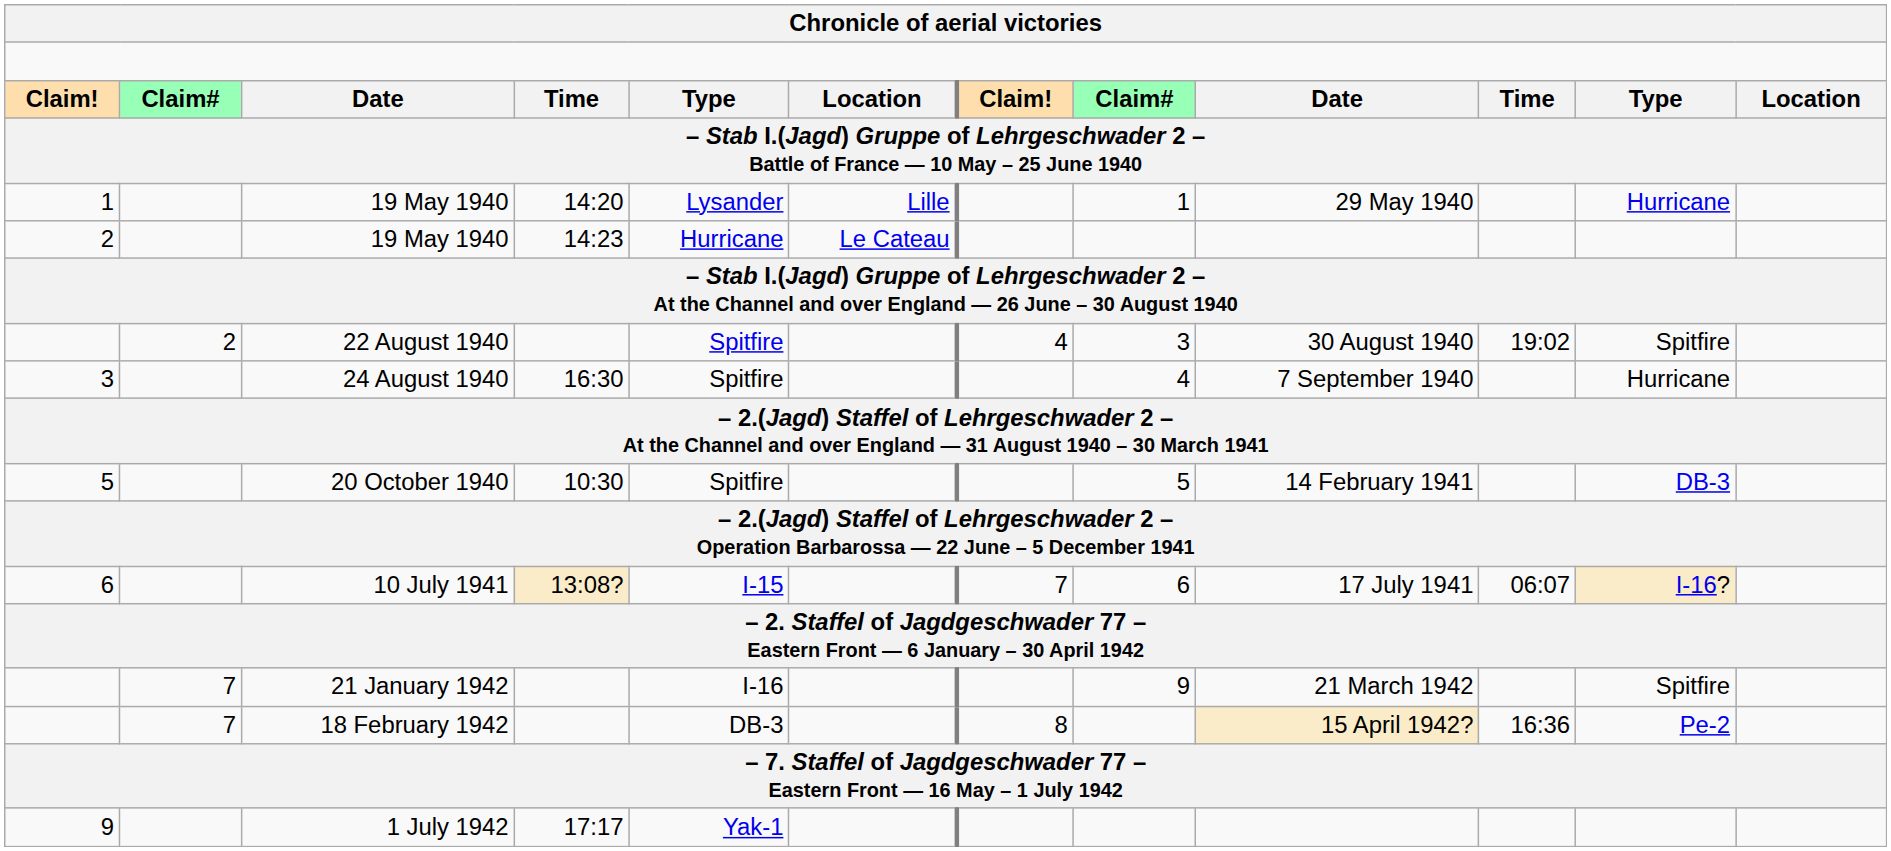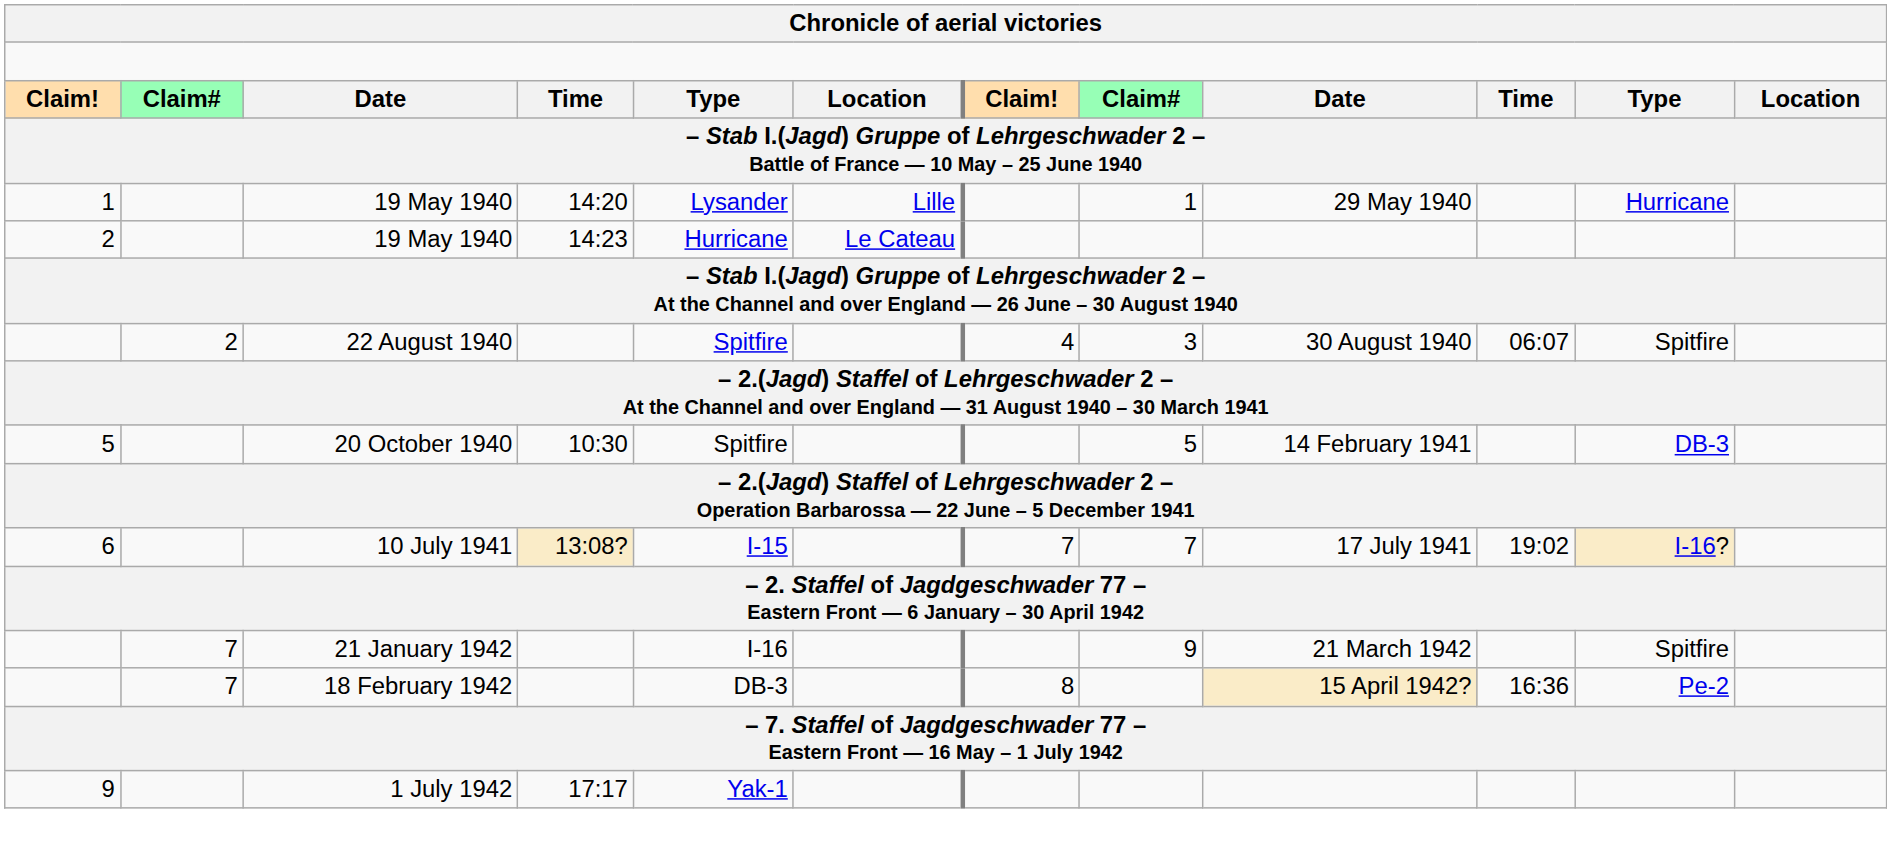 <table class="wikitable plainrowheaders collapsible" style="margin-left: auto; margin-right: auto; border: none; text-align:right; width: 100%;">
 <tr>
 <th colspan="12">Chronicle of aerial victories</th>
 </tr>
 <tr>
 <td colspan="12" style="text-align: left;"><br>  </td>
 </tr>
 <tr>
 <th scope="col" style="background:#ffdead">Claim!</th>
 <th scope="col" style="background:#97ffb6">Claim#</th>
 <th scope="col">Date</th>
 <th scope="col">Time</th>
 <th scope="col" width="100px">Type</th>
 <th scope="col">Location</th>
 <th scope="col" style="border-left: 3px solid grey; background:#ffdead">Claim!</th>
 <th scope="col" style="background:#97ffb6">Claim#</th>
 <th scope="col">Date</th>
 <th scope="col">Time</th>
 <th scope="col" width="100px">Type</th>
 <th scope="col">Location</th>
 </tr>
 <tr>
 <th colspan="12">– <em>Stab</em> I.(<em>Jagd</em>) <em>Gruppe</em>  of <em>Lehrgeschwader</em> 2 –<br><small>Battle of France — 10 May – 25 June 1940</small></th>
 </tr>
 <tr>
 <td>1</td>
 <td></td>
 <td>19 May 1940</td>
 <td>14:20</td>
 <td><a href='#'>Lysander</a></td>
 <td><a href='#'>Lille</a></td>
 <td style="border-left: 3px solid grey;"></td>
 <td>1</td>
 <td>29 May 1940</td>
 <td></td>
 <td><a href='#'>Hurricane</a></td>
 <td></td>
 </tr>
 <tr>
 <td>2</td>
 <td></td>
 <td>19 May 1940</td>
 <td>14:23</td>
 <td><a href='#'>Hurricane</a></td>
 <td><a href='#'>Le Cateau</a></td>
 <td style="border-left: 3px solid grey;"></td>
 <td></td>
 <td></td>
 <td></td>
 <td></td>
 <td></td>
 </tr>
 <tr>
 <th colspan="12">– <em>Stab</em> I.(<em>Jagd</em>) <em>Gruppe</em> of <em>Lehrgeschwader</em> 2 –<br><small>At the Channel and over England — 26 June – 30 August 1940</small></th>
 </tr>
 <tr>
 <td></td>
 <td>2</td>
 <td>22 August 1940</td>
 <td></td>
 <td><a href='#'>Spitfire</a></td>
 <td></td>
 <td style="border-left: 3px solid grey;">4</td>
 <td>3</td>
 <td>30 August 1940</td>
-<td>19:02</td>
+<td>06:07</td>
 <td>Spitfire</td>
-<td></td>
-</tr>
-<tr>
-<td>3</td>
-<td></td>
-<td>24 August 1940</td>
-<td>16:30</td>
-<td>Spitfire</td>
-<td></td>
-<td style="border-left: 3px solid grey;"></td>
-<td>4</td>
-<td>7 September 1940</td>
-<td></td>
-<td>Hurricane</td>
 <td></td>
 </tr>
 <tr>
 <th colspan="12">– 2.(<em>Jagd</em>) <em>Staffel</em>  of <em>Lehrgeschwader</em> 2 –<br><small>At the Channel and over England — 31 August 1940 – 30 March 1941</small></th>
 </tr>
 <tr>
 <td>5</td>
 <td></td>
 <td>20 October 1940</td>
 <td>10:30</td>
 <td>Spitfire</td>
 <td></td>
 <td style="border-left: 3px solid grey;"></td>
 <td>5</td>
 <td>14 February 1941</td>
 <td></td>
 <td><a href='#'>DB-3</a></td>
 <td></td>
 </tr>
 <tr>
 <th colspan="12">– 2.(<em>Jagd</em>) <em>Staffel</em>  of <em>Lehrgeschwader</em> 2 –<br><small>Operation Barbarossa — 22 June – 5 December 1941</small></th>
 </tr>
 <tr>
 <td>6</td>
 <td></td>
 <td>10 July 1941</td>
 <td style="background:#faecc8">13:08?</td>
 <td><a href='#'>I-15</a></td>
 <td></td>
 <td style="border-left: 3px solid grey;">7</td>
-<td>6</td>
+<td>7</td>
 <td>17 July 1941</td>
-<td>06:07</td>
+<td>19:02</td>
 <td style="background:#faecc8"><a href='#'>I-16</a>?</td>
 <td></td>
 </tr>
 <tr>
 <th colspan="12">– 2. <em>Staffel</em>  of <em>Jagdgeschwader</em> 77 –<br><small>Eastern Front — 6 January – 30 April 1942</small></th>
 </tr>
 <tr>
 <td></td>
 <td>7</td>
 <td>21 January 1942</td>
 <td></td>
 <td>I-16</td>
 <td></td>
 <td style="border-left: 3px solid grey;"></td>
 <td>9</td>
 <td>21 March 1942</td>
 <td></td>
 <td>Spitfire</td>
 <td></td>
 </tr>
 <tr>
 <td></td>
 <td>7</td>
 <td>18 February 1942</td>
 <td></td>
 <td>DB-3</td>
 <td></td>
 <td style="border-left: 3px solid grey;">8</td>
 <td></td>
 <td style="background:#faecc8">15 April 1942?</td>
 <td>16:36</td>
 <td><a href='#'>Pe-2</a></td>
 <td></td>
 </tr>
 <tr>
 <th colspan="12">– 7. <em>Staffel</em>  of <em>Jagdgeschwader</em> 77 –<br><small>Eastern Front — 16 May – 1 July 1942</small></th>
 </tr>
 <tr>
 <td>9</td>
 <td></td>
 <td>1 July 1942</td>
 <td>17:17</td>
 <td><a href='#'>Yak-1</a></td>
 <td></td>
 <td style="border-left: 3px solid grey;"></td>
 <td></td>
 <td></td>
 <td></td>
 <td></td>
 <td></td>
 </tr>
 </table>
